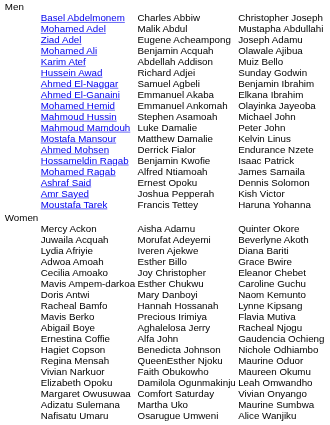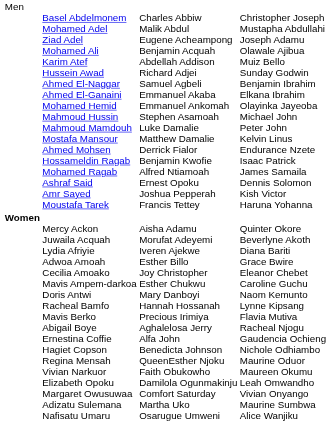 <table>
 <tr valign="top">
 <td>Men<br></td>
 <td><br><a href='#'>Basel Abdelmonem</a><br><a href='#'>Mohamed Adel</a><br><a href='#'>Ziad Adel</a><br><a href='#'>Mohamed Ali</a><br><a href='#'>Karim Atef</a><br><a href='#'>Hussein Awad</a><br><a href='#'>Ahmed El-Naggar</a><br><a href='#'>Ahmed El-Ganaini</a><br><a href='#'>Mohamed Hemid</a><br><a href='#'>Mahmoud Hussin</a><br><a href='#'>Mahmoud Mamdouh</a><br><a href='#'>Mostafa Mansour</a><br><a href='#'>Ahmed Mohsen</a><br><a href='#'>Hossameldin Ragab</a><br><a href='#'>Mohamed Ragab</a><br><a href='#'>Ashraf Said</a><br><a href='#'>Amr Sayed</a><br><a href='#'>Moustafa Tarek</a></td>
 <td><br>Charles Abbiw<br>Malik Abdul<br>Eugene Acheampong<br>Benjamin Acquah<br>Abdellah Addison<br>Richard Adjei<br>Samuel Agbeli<br>Emmanuel Akaba<br>Emmanuel Ankomah<br>Stephen Asamoah<br>Luke Damalie<br>Matthew Damalie<br>Derrick Fialor<br>Benjamin Kwofie<br>Alfred Ntiamoah<br>Ernest Opoku<br>Joshua Pepperah<br>Francis Tettey</td>
 <td><br>Christopher Joseph<br>Mustapha Abdullahi<br>Joseph Adamu<br>Olawale Ajibua<br>Muiz Bello<br>Sunday Godwin<br>Benjamin Ibrahim<br>Elkana Ibrahim<br>Olayinka Jayeoba<br>Michael John<br>Peter John<br>Kelvin Linus<br>Endurance Nzete<br>Isaac Patrick<br>James Samaila<br>Dennis Solomon<br>Kish Victor<br>Haruna Yohanna</td>
 </tr>
 <tr valign="top">
-<td>Women<br></td>
+<td><strong>Women<br></strong></td>
 <td><br>Mercy Ackon<br>Juwaila Acquah<br>Lydia Afriyie<br>Adwoa Amoah<br>Cecilia Amoako<br>Mavis Ampem-darkoa<br>Doris Antwi<br>Racheal Bamfo<br>Mavis Berko<br>Abigail Boye<br>Ernestina Coffie<br>Hagiet Copson<br>Regina Mensah<br>Vivian Narkuor<br>Elizabeth Opoku<br>Margaret Owusuwaa<br>Adizatu Sulemana<br>Nafisatu Umaru</td>
 <td><br>Aisha Adamu<br>Morufat Adeyemi<br>Iveren Ajekwe<br>Esther Billo<br>Joy Christopher<br>Esther Chukwu<br>Mary Danboyi<br>Hannah Hossanah<br>Precious Irimiya<br>Aghalelosa Jerry<br>Alfa John<br>Benedicta Johnson<br>QueenEsther Njoku<br>Faith Obukowho<br>Damilola Ogunmakinju<br>Comfort Saturday<br>Martha Uko<br>Osarugue Umweni</td>
 <td><br>Quinter Okore<br>Beverlyne Akoth<br>Diana Bariti<br>Grace Bwire<br>Eleanor Chebet<br>Caroline Guchu<br>Naom Kemunto<br>Lynne Kipsang<br>Flavia Mutiva<br>Racheal Njogu<br>Gaudencia Ochieng<br>Nichole Odhiambo<br>Maurine Oduor<br>Maureen Okumu<br>Leah Omwandho<br>Vivian Onyango<br>Maurine Sumbwa<br>Alice Wanjiku</td>
 </tr>
 </table>
